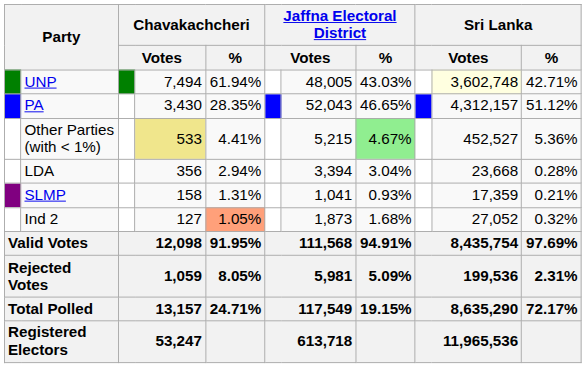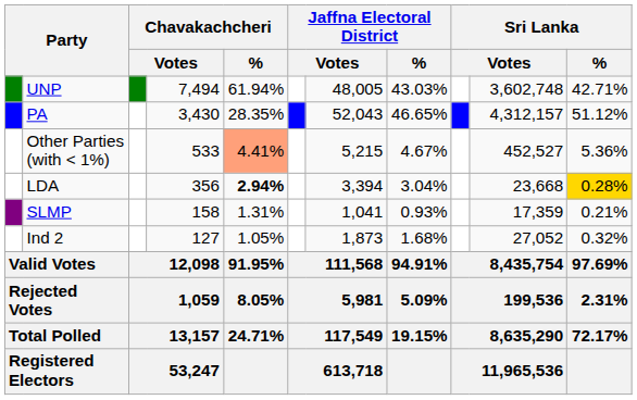 <table class="wikitable">
 <tr>
 <th colspan="2" width="144px"rowspan="2">Party</th>
 <th colspan="3" width="216px">Chavakachcheri</th>
 <th colspan="3" width="216px"><a href='#'>Jaffna Electoral District</a></th>
 <th colspan="3" width="216px">Sri Lanka</th>
 </tr>
 <tr>
 <th colspan="2" width="144px">Votes</th>
 <th>%</th>
 <th colspan="2" width="144px">Votes</th>
 <th>%</th>
 <th colspan="2" width="144px">Votes</th>
 <th>%</th>
 </tr>
 <tr>
 <td style="background-color:green;" width="10px"></td>
 <td style="text-align:left;"><a href='#'>UNP</a></td>
 <td style="background-color:green;" width="10px"></td>
 <td style="text-align:right;">7,494</td>
 <td style="text-align:right;">61.94%</td>
 <td style="background-color:white;" width="10px"></td>
 <td style="text-align:right;">48,005</td>
 <td style="text-align:right;">43.03%</td>
 <td style="background-color:white;" width="10px"></td>
-<td style="background: lightyellow; text-align:right;">3,602,748</td>
+<td style="text-align:right;">3,602,748</td>
 <td style="text-align:right;">42.71%</td>
 </tr>
 <tr>
 <td style="background-color:blue;" width="10px"></td>
 <td style="text-align:left;"><a href='#'>PA</a></td>
 <td style="background-color:white;" width="10px"></td>
 <td style="text-align:right;">3,430</td>
 <td style="text-align:right;">28.35%</td>
 <td style="background-color:blue;" width="10px"></td>
 <td style="text-align:right;">52,043</td>
 <td style="text-align:right;">46.65%</td>
 <td style="background-color:blue;" width="10px"></td>
 <td style="text-align:right;">4,312,157</td>
 <td style="text-align:right;">51.12%</td>
 </tr>
 <tr>
 <td style="background-color:white;" width="10px"></td>
 <td style="text-align:left;">Other Parties (with < 1%)</td>
 <td style="background-color:white;" width="10px"></td>
-<td style="background: khaki; text-align:right;">533</td>
-<td style="text-align:right;">4.41%</td>
+<td style="text-align:right;">533</td>
+<td style="background: lightsalmon; text-align:right;">4.41%</td>
 <td style="background-color:white;" width="10px"></td>
 <td style="text-align:right;">5,215</td>
-<td style="background: lightgreen; text-align:right;">4.67%</td>
+<td style="text-align:right;">4.67%</td>
 <td style="background-color:white;" width="10px"></td>
 <td style="text-align:right;">452,527</td>
 <td style="text-align:right;">5.36%</td>
 </tr>
 <tr>
 <td style="background-color:white;" width="10px"></td>
 <td style="text-align:left;">LDA</td>
 <td style="background-color:white;" width="10px"></td>
 <td style="text-align:right;">356</td>
-<td style="text-align:right;">2.94%</td>
+<td style="text-align:right;"><strong>2.94%</strong></td>
 <td style="background-color:white;" width="10px"></td>
 <td style="text-align:right;">3,394</td>
 <td style="text-align:right;">3.04%</td>
 <td style="background-color:white;" width="10px"></td>
 <td style="text-align:right;">23,668</td>
-<td style="text-align:right;">0.28%</td>
+<td style="background: gold; text-align:right;">0.28%</td>
 </tr>
 <tr>
 <td style="background-color:purple;" width="10px"></td>
 <td style="text-align:left;"><a href='#'>SLMP</a></td>
 <td style="background-color:white;" width="10px"></td>
 <td style="text-align:right;">158</td>
 <td style="text-align:right;">1.31%</td>
 <td style="background-color:white;" width="10px"></td>
 <td style="text-align:right;">1,041</td>
 <td style="text-align:right;">0.93%</td>
 <td style="background-color:white;" width="10px"></td>
 <td style="text-align:right;">17,359</td>
 <td style="text-align:right;">0.21%</td>
 </tr>
 <tr>
 <td style="background-color:white;" width="10px"></td>
 <td style="text-align:left;">Ind 2</td>
 <td style="background-color:white;" width="10px"></td>
 <td style="text-align:right;">127</td>
-<td style="background: lightsalmon; text-align:right;">1.05%</td>
+<td style="text-align:right;">1.05%</td>
 <td style="background-color:white;" width="10px"></td>
 <td style="text-align:right;">1,873</td>
 <td style="text-align:right;">1.68%</td>
 <td style="background-color:white;" width="10px"></td>
 <td style="text-align:right;">27,052</td>
 <td style="text-align:right;">0.32%</td>
 </tr>
 <tr>
 <th colspan="2" width="144px"style="text-align:left;">Valid Votes</th>
 <th style="text-align:right;"colspan="2" width="144px">12,098</th>
 <th style="text-align:right;">91.95%</th>
 <th style="text-align:right;"colspan="2" width="144px">111,568</th>
 <th style="text-align:right;">94.91%</th>
 <th style="text-align:right;"colspan="2" width="144px">8,435,754</th>
 <th style="text-align:right;">97.69%</th>
 </tr>
 <tr>
 <th colspan="2" width="144px"style="text-align:left;">Rejected Votes</th>
 <th style="text-align:right;"colspan="2" width="144px">1,059</th>
 <th style="text-align:right;">8.05%</th>
 <th style="text-align:right;"colspan="2" width="144px">5,981</th>
 <th style="text-align:right;">5.09%</th>
 <th style="text-align:right;"colspan="2" width="144px">199,536</th>
 <th style="text-align:right;">2.31%</th>
 </tr>
 <tr>
 <th colspan="2" width="144px"style="text-align:left;">Total Polled</th>
 <th style="text-align:right;"colspan="2" width="144px">13,157</th>
 <th style="text-align:right;">24.71%</th>
 <th style="text-align:right;"colspan="2" width="144px">117,549</th>
 <th style="text-align:right;">19.15%</th>
 <th style="text-align:right;"colspan="2" width="144px">8,635,290</th>
 <th style="text-align:right;">72.17%</th>
 </tr>
 <tr>
 <th colspan="2" width="144px"style="text-align:left;">Registered Electors</th>
 <th style="text-align:right;"colspan="2" width="144px">53,247</th>
 <th></th>
 <th style="text-align:right;"colspan="2" width="144px">613,718</th>
 <th></th>
 <th style="text-align:right;"colspan="2" width="144px">11,965,536</th>
 <th></th>
 </tr>
 </table>
